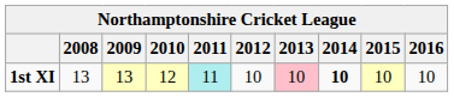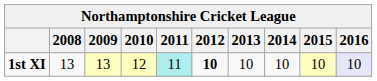 <table class="wikitable" style="font-size:85%">
 <tr>
 <td colspan=14; style="background:#f0f0f0; text-align: center; font-weight: bold;">Northamptonshire Cricket League</td>
 </tr>
 <tr>
 <th></th>
 <th style="text-align: center; font-weight: bold;">2008</th>
 <th style="text-align: center; font-weight: bold;">2009</th>
 <th style="text-align: center; font-weight: bold;">2010</th>
 <th style="text-align: center; font-weight: bold;">2011</th>
 <th style="text-align: center; font-weight: bold;">2012</th>
 <th style="text-align: center; font-weight: bold;">2013</th>
 <th style="text-align: center; font-weight: bold;">2014</th>
 <th style="text-align: center; font-weight: bold;">2015</th>
 <th style="text-align: center; font-weight: bold;">2016</th>
 </tr>
 <tr>
 <td style="text-align: right; font-weight: bold;">1st XI</td>
 <td style="text-align: center;">13</td>
 <td style="background:#ffffbf; text-align: center;">13</td>
 <td style="background:#ffffbf; text-align: center;">12</td>
 <td style="background: paleturquoise; text-align: center;">11</td>
+<td style="text-align: center;"><strong>10</strong></td>
 <td style="text-align: center;">10</td>
-<td style="background: pink; text-align: center;">10</td>
-<td style="text-align: center;"><strong>10</strong></td>
+<td style="text-align: center;">10</td>
 <td style="background:#ffffbf; text-align: center;">10</td>
-<td style="text-align: center;">10</td>
+<td style="background: lavender; text-align: center;">10</td>
 </tr>
 </table>
